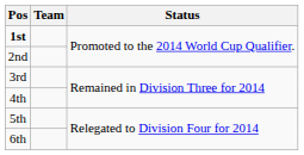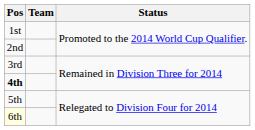 <table class="wikitable">
 <tr>
 <th>Pos</th>
 <th>Team</th>
 <th>Status</th>
 </tr>
 <tr>
-<td align="center"><strong>1st</strong></td>
+<td align="center">1st</td>
 <td></td>
 <td rowspan=2>Promoted to the <a href='#'>2014 World Cup Qualifier</a>.</td>
 </tr>
 <tr>
 <td align="center">2nd</td>
 <td></td>
 </tr>
 <tr>
 <td align="center">3rd</td>
 <td></td>
 <td rowspan=2>Remained in <a href='#'>Division Three for 2014</a></td>
 </tr>
 <tr>
-<td align="center">4th</td>
+<td align="center"><strong>4th</strong></td>
 <td></td>
 </tr>
 <tr>
 <td align="center">5th</td>
 <td></td>
 <td rowspan=2>Relegated to <a href='#'>Division Four for 2014</a></td>
 </tr>
 <tr>
-<td align="center">6th</td>
+<td align="center" style="background: lightyellow;">6th</td>
 <td></td>
 </tr>
 </table>
